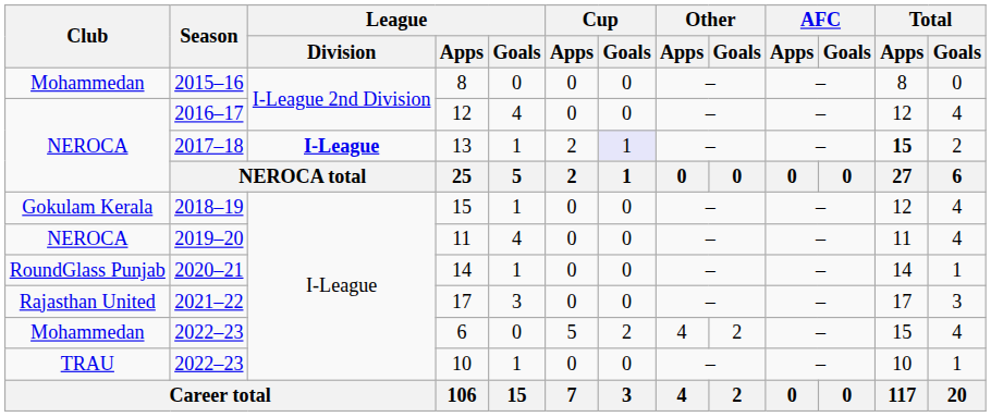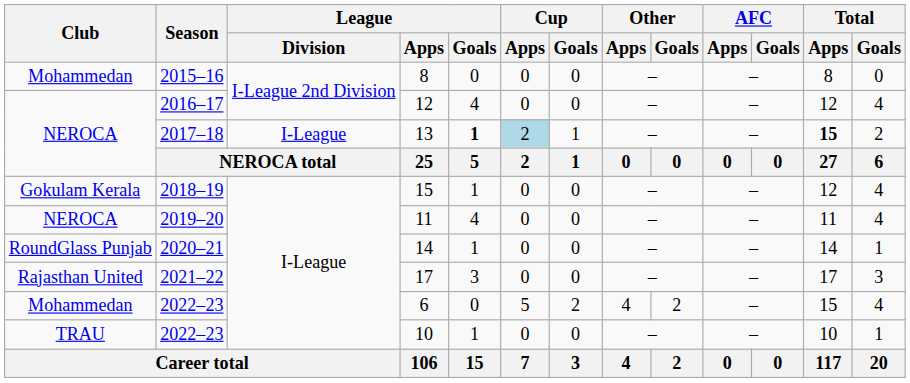 <table class="wikitable" style="text-align: center;">
 <tr>
 <th rowspan="2">Club</th>
 <th rowspan="2">Season</th>
 <th colspan="3">League</th>
 <th colspan="2">Cup</th>
 <th colspan="2">Other</th>
 <th colspan="2"><a href='#'>AFC</a></th>
 <th colspan="2">Total</th>
 </tr>
 <tr>
 <th>Division</th>
 <th>Apps</th>
 <th>Goals</th>
 <th>Apps</th>
 <th>Goals</th>
 <th>Apps</th>
 <th>Goals</th>
 <th>Apps</th>
 <th>Goals</th>
 <th>Apps</th>
 <th>Goals</th>
 </tr>
 <tr>
 <td rowspan="1"><a href='#'>Mohammedan</a></td>
 <td><a href='#'>2015–16</a></td>
 <td rowspan="2"><a href='#'>I-League 2nd Division</a></td>
 <td>8</td>
 <td>0</td>
 <td>0</td>
 <td>0</td>
 <td colspan="2">–</td>
 <td colspan="2">–</td>
 <td>8</td>
 <td>0</td>
 </tr>
 <tr>
 <td rowspan="3"><a href='#'>NEROCA</a></td>
 <td><a href='#'>2016–17</a></td>
 <td>12</td>
 <td>4</td>
 <td>0</td>
 <td>0</td>
 <td colspan="2">–</td>
 <td colspan="2">–</td>
 <td>12</td>
 <td>4</td>
 </tr>
 <tr>
 <td><a href='#'>2017–18</a></td>
-<td rowspan="1"><strong><a href='#'>I-League</a></strong></td>
+<td rowspan="1"><a href='#'>I-League</a></td>
 <td>13</td>
+<td><strong>1</strong></td>
+<td style="background: lightblue;">2</td>
 <td>1</td>
-<td>2</td>
-<td style="background: lavender;">1</td>
 <td colspan="2">–</td>
 <td colspan="2">–</td>
 <td><strong>15</strong></td>
 <td>2</td>
 </tr>
 <tr>
 <th colspan="2">NEROCA total</th>
 <th>25</th>
 <th>5</th>
 <th>2</th>
 <th>1</th>
 <th>0</th>
 <th>0</th>
 <th>0</th>
 <th>0</th>
 <th>27</th>
 <th>6</th>
 </tr>
 <tr>
 <td rowspan="1"><a href='#'>Gokulam Kerala</a></td>
 <td><a href='#'>2018–19</a></td>
 <td rowspan="6">I-League</td>
 <td>15</td>
 <td>1</td>
 <td>0</td>
 <td>0</td>
 <td colspan="2">–</td>
 <td colspan="2">–</td>
 <td>12</td>
 <td>4</td>
 </tr>
 <tr>
 <td rowspan="1"><a href='#'>NEROCA</a></td>
 <td><a href='#'>2019–20</a></td>
 <td>11</td>
 <td>4</td>
 <td>0</td>
 <td>0</td>
 <td colspan="2">–</td>
 <td colspan="2">–</td>
 <td>11</td>
 <td>4</td>
 </tr>
 <tr>
 <td rowspan="1"><a href='#'>RoundGlass Punjab</a></td>
 <td><a href='#'>2020–21</a></td>
 <td>14</td>
 <td>1</td>
 <td>0</td>
 <td>0</td>
 <td colspan="2">–</td>
 <td colspan="2">–</td>
 <td>14</td>
 <td>1</td>
 </tr>
 <tr>
 <td rowspan="1"><a href='#'>Rajasthan United</a></td>
 <td><a href='#'>2021–22</a></td>
 <td>17</td>
 <td>3</td>
 <td>0</td>
 <td>0</td>
 <td colspan="2">–</td>
 <td colspan="2">–</td>
 <td>17</td>
 <td>3</td>
 </tr>
 <tr>
 <td rowspan="1"><a href='#'>Mohammedan</a></td>
 <td><a href='#'>2022–23</a></td>
 <td>6</td>
 <td>0</td>
 <td>5</td>
 <td>2</td>
 <td>4</td>
 <td>2</td>
 <td colspan="2">–</td>
 <td>15</td>
 <td>4</td>
 </tr>
 <tr>
 <td rowspan="1"><a href='#'>TRAU</a></td>
 <td><a href='#'>2022–23</a></td>
 <td>10</td>
 <td>1</td>
 <td>0</td>
 <td>0</td>
 <td colspan="2">–</td>
 <td colspan="2">–</td>
 <td>10</td>
 <td>1</td>
 </tr>
 <tr>
 <th colspan="3">Career total</th>
 <th>106</th>
 <th>15</th>
 <th>7</th>
 <th>3</th>
 <th>4</th>
 <th>2</th>
 <th>0</th>
 <th>0</th>
 <th>117</th>
 <th>20</th>
 </tr>
 </table>
